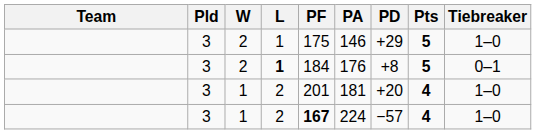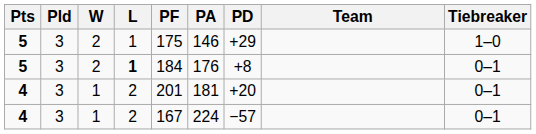 <table class="wikitable" style="text-align:center;">
 <tr>
-<th width=180>Team</th>
+<th width=30>Pts</th>
 <th width=30>Pld</th>
 <th width=30>W</th>
 <th width=30>L</th>
 <th width=30>PF</th>
 <th width=30>PA</th>
 <th width=30>PD</th>
-<th width=30>Pts</th>
+<th width=180>Team</th>
 <th width=80>Tiebreaker</th>
 </tr>
 <tr align=center>
-<td align=left></td>
+<td><strong>5</strong></td>
 <td>3</td>
 <td>2</td>
 <td>1</td>
 <td>175</td>
 <td>146</td>
 <td>+29</td>
-<td><strong>5</strong></td>
+<td align=left></td>
 <td>1–0</td>
 </tr>
 <tr align=center>
-<td align=left></td>
+<td><strong>5</strong></td>
 <td>3</td>
 <td>2</td>
 <td><strong>1</strong></td>
 <td>184</td>
 <td>176</td>
 <td>+8</td>
-<td><strong>5</strong></td>
+<td align=left></td>
 <td>0–1</td>
 </tr>
 <tr align=center>
-<td align=left></td>
+<td><strong>4</strong></td>
 <td>3</td>
 <td>1</td>
 <td>2</td>
 <td>201</td>
 <td>181</td>
 <td>+20</td>
-<td><strong>4</strong></td>
-<td>1–0</td>
+<td align=left></td>
+<td>0–1</td>
 </tr>
 <tr align=center>
-<td align=left></td>
+<td><strong>4</strong></td>
 <td>3</td>
 <td>1</td>
 <td>2</td>
-<td><strong>167</strong></td>
+<td>167</td>
 <td>224</td>
 <td>−57</td>
-<td><strong>4</strong></td>
-<td>1–0</td>
+<td align=left></td>
+<td>0–1</td>
 </tr>
 </table>
